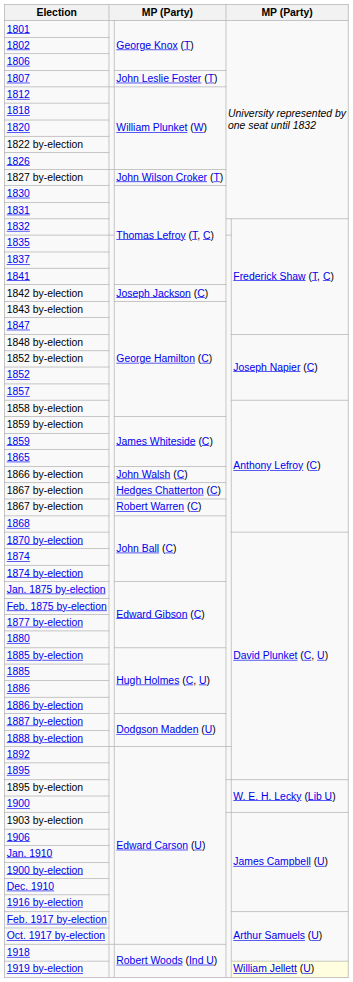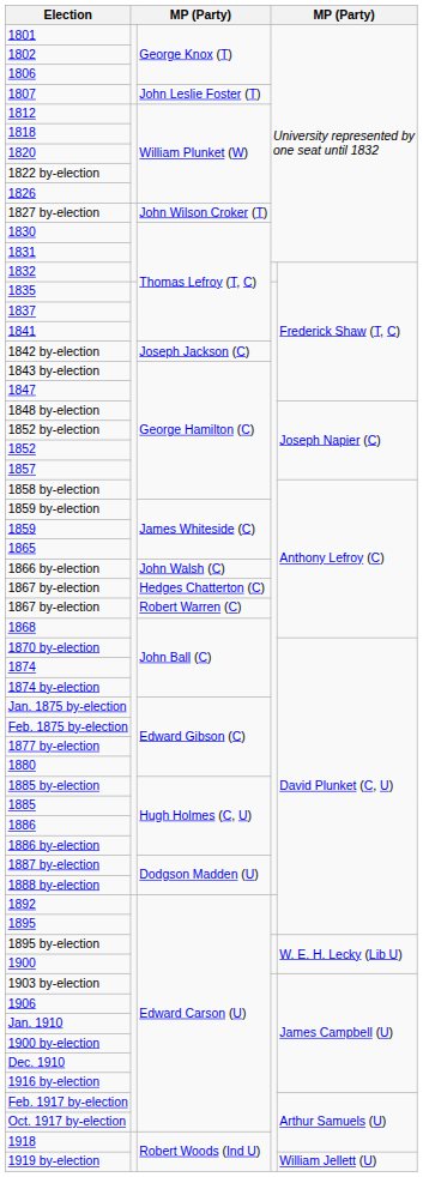 <table class="wikitable">
 <tr>
 <th>Election</th>
 <th colspan=2>MP (Party)</th>
 <th colspan=2>MP (Party)</th>
 </tr>
 <tr>
 <td><a href='#'>1801</a></td>
 <td rowspan=4 style="color:inherit;background-color: "></td>
 <td rowspan=3><a href='#'>George Knox</a> (<a href='#'>T</a>)</td>
 <td colspan=2 rowspan=12><em>University represented by<br>one seat until 1832</em></td>
 </tr>
 <tr>
 <td><a href='#'>1802</a></td>
 </tr>
 <tr>
 <td><a href='#'>1806</a></td>
 </tr>
 <tr>
 <td><a href='#'>1807</a></td>
 <td><a href='#'>John Leslie Foster</a> (<a href='#'>T</a>)</td>
 </tr>
 <tr>
 <td><a href='#'>1812</a></td>
 <td rowspan=5 style="color:inherit;background-color: "></td>
 <td rowspan=5><a href='#'>William Plunket</a> (<a href='#'>W</a>)</td>
 </tr>
 <tr>
 <td><a href='#'>1818</a></td>
 </tr>
 <tr>
 <td><a href='#'>1820</a></td>
 </tr>
 <tr>
 <td>1822 by-election</td>
 </tr>
 <tr>
 <td><a href='#'>1826</a></td>
 </tr>
 <tr>
 <td>1827 by-election</td>
 <td rowspan=4 style="color:inherit;background-color: "></td>
 <td><a href='#'>John Wilson Croker</a> (<a href='#'>T</a>)</td>
 </tr>
 <tr>
 <td><a href='#'>1830</a></td>
 <td rowspan=6><a href='#'>Thomas Lefroy</a> (<a href='#'>T</a>, <a href='#'>C</a>)</td>
 </tr>
 <tr>
 <td><a href='#'>1831</a></td>
 </tr>
 <tr>
 <td><a href='#'>1832</a></td>
 <td style="color:inherit;background-color: "></td>
 <td rowspan=7><a href='#'>Frederick Shaw</a> (<a href='#'>T</a>, <a href='#'>C</a>)</td>
 </tr>
 <tr>
 <td><a href='#'>1835</a></td>
 <td rowspan=31 style="color:inherit;background-color: "></td>
 <td rowspan=31 style="color:inherit;background-color: "></td>
 </tr>
 <tr>
 <td><a href='#'>1837</a></td>
 </tr>
 <tr>
 <td><a href='#'>1841</a></td>
 </tr>
 <tr>
 <td>1842 by-election</td>
 <td><a href='#'>Joseph Jackson</a> (<a href='#'>C</a>)</td>
 </tr>
 <tr>
 <td>1843 by-election</td>
 <td rowspan=7><a href='#'>George Hamilton</a> (<a href='#'>C</a>)</td>
 </tr>
 <tr>
 <td><a href='#'>1847</a></td>
 </tr>
 <tr>
 <td>1848 by-election</td>
 <td rowspan=4><a href='#'>Joseph Napier</a> (<a href='#'>C</a>)</td>
 </tr>
 <tr>
 <td>1852 by-election</td>
 </tr>
 <tr>
 <td><a href='#'>1852</a></td>
 </tr>
 <tr>
 <td><a href='#'>1857</a></td>
 </tr>
 <tr>
 <td>1858 by-election</td>
 <td rowspan=8><a href='#'>Anthony Lefroy</a> (<a href='#'>C</a>)</td>
 </tr>
 <tr>
 <td>1859 by-election</td>
 <td rowspan=3><a href='#'>James Whiteside</a> (<a href='#'>C</a>)</td>
 </tr>
 <tr>
 <td><a href='#'>1859</a></td>
 </tr>
 <tr>
 <td><a href='#'>1865</a></td>
 </tr>
 <tr>
 <td>1866 by-election</td>
 <td><a href='#'>John Walsh</a> (<a href='#'>C</a>)</td>
 </tr>
 <tr>
 <td>1867 by-election</td>
 <td><a href='#'>Hedges Chatterton</a> (<a href='#'>C</a>)</td>
 </tr>
 <tr>
 <td>1867 by-election</td>
 <td><a href='#'>Robert Warren</a> (<a href='#'>C</a>)</td>
 </tr>
 <tr>
 <td><a href='#'>1868</a></td>
 <td rowspan=4><a href='#'>John Ball</a> (<a href='#'>C</a>)</td>
 </tr>
 <tr>
 <td><a href='#'>1870 by-election</a></td>
 <td rowspan=15><a href='#'>David Plunket</a> (<a href='#'>C</a>, <a href='#'>U</a>)</td>
 </tr>
 <tr>
 <td><a href='#'>1874</a></td>
 </tr>
 <tr>
 <td><a href='#'>1874 by-election</a></td>
 </tr>
 <tr>
 <td><a href='#'>Jan. 1875 by-election</a></td>
 <td rowspan=4><a href='#'>Edward Gibson</a> (<a href='#'>C</a>)</td>
 </tr>
 <tr>
 <td><a href='#'>Feb. 1875 by-election</a></td>
 </tr>
 <tr>
 <td><a href='#'>1877 by-election</a></td>
 </tr>
 <tr>
 <td><a href='#'>1880</a></td>
 </tr>
 <tr>
 <td><a href='#'>1885 by-election</a></td>
 <td rowspan=4><a href='#'>Hugh Holmes</a> (<a href='#'>C</a>, <a href='#'>U</a>)</td>
 </tr>
 <tr>
 <td><a href='#'>1885</a></td>
 </tr>
 <tr>
 <td><a href='#'>1886</a></td>
 </tr>
 <tr>
 <td><a href='#'>1886 by-election</a></td>
 </tr>
 <tr>
 <td><a href='#'>1887 by-election</a></td>
 <td rowspan=2><a href='#'>Dodgson Madden</a> (<a href='#'>U</a>)</td>
 </tr>
 <tr>
 <td><a href='#'>1888 by-election</a></td>
 </tr>
 <tr>
 <td><a href='#'>1892</a></td>
 <td rowspan=12 style="color:inherit;background-color: "></td>
 <td rowspan=12><a href='#'>Edward Carson</a> (<a href='#'>U</a>)</td>
 <td rowspan=2 style="color:inherit;background-color: "></td>
 </tr>
 <tr>
 <td><a href='#'>1895</a></td>
 </tr>
 <tr>
 <td>1895 by-election</td>
 <td rowspan=2 style="color:inherit;background-color: "></td>
 <td rowspan=2><a href='#'>W. E. H. Lecky</a> (<a href='#'>Lib U</a>)</td>
 </tr>
 <tr>
 <td><a href='#'>1900</a></td>
 </tr>
 <tr>
 <td>1903 by-election</td>
 <td rowspan=10 style="color:inherit;background-color: "></td>
 <td rowspan=6><a href='#'>James Campbell</a> (<a href='#'>U</a>)</td>
 </tr>
 <tr>
 <td><a href='#'>1906</a></td>
 </tr>
 <tr>
 <td><a href='#'>Jan. 1910</a></td>
 </tr>
 <tr>
 <td><a href='#'>1900 by-election</a></td>
 </tr>
 <tr>
 <td><a href='#'>Dec. 1910</a></td>
 </tr>
 <tr>
 <td><a href='#'>1916 by-election</a></td>
 </tr>
 <tr>
 <td><a href='#'>Feb. 1917 by-election</a></td>
 <td rowspan=3><a href='#'>Arthur Samuels</a> (<a href='#'>U</a>)</td>
 </tr>
 <tr>
 <td><a href='#'>Oct. 1917 by-election</a></td>
 </tr>
 <tr>
 <td><a href='#'>1918</a></td>
 <td rowspan=2 style="color:inherit;background-color: "></td>
 <td rowspan=2><a href='#'>Robert Woods</a> (<a href='#'>Ind U</a>)</td>
 </tr>
 <tr>
 <td><a href='#'>1919 by-election</a></td>
-<td style="background: lightyellow;"><a href='#'>William Jellett</a> (<a href='#'>U</a>)</td>
+<td><a href='#'>William Jellett</a> (<a href='#'>U</a>)</td>
 </tr>
 </table>
